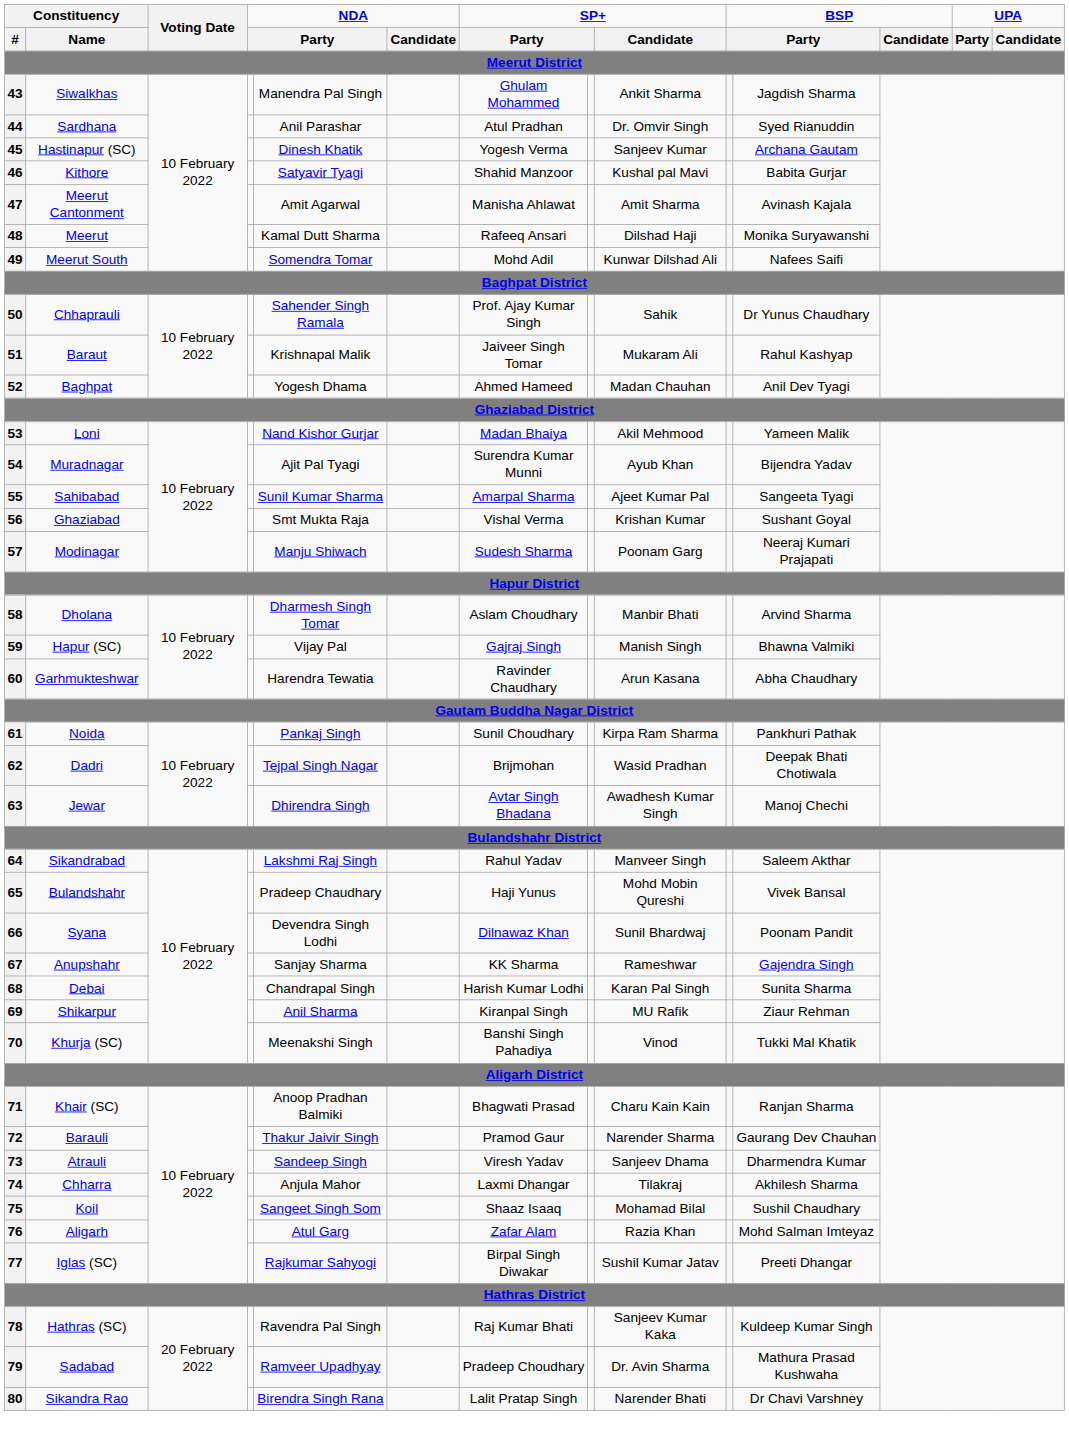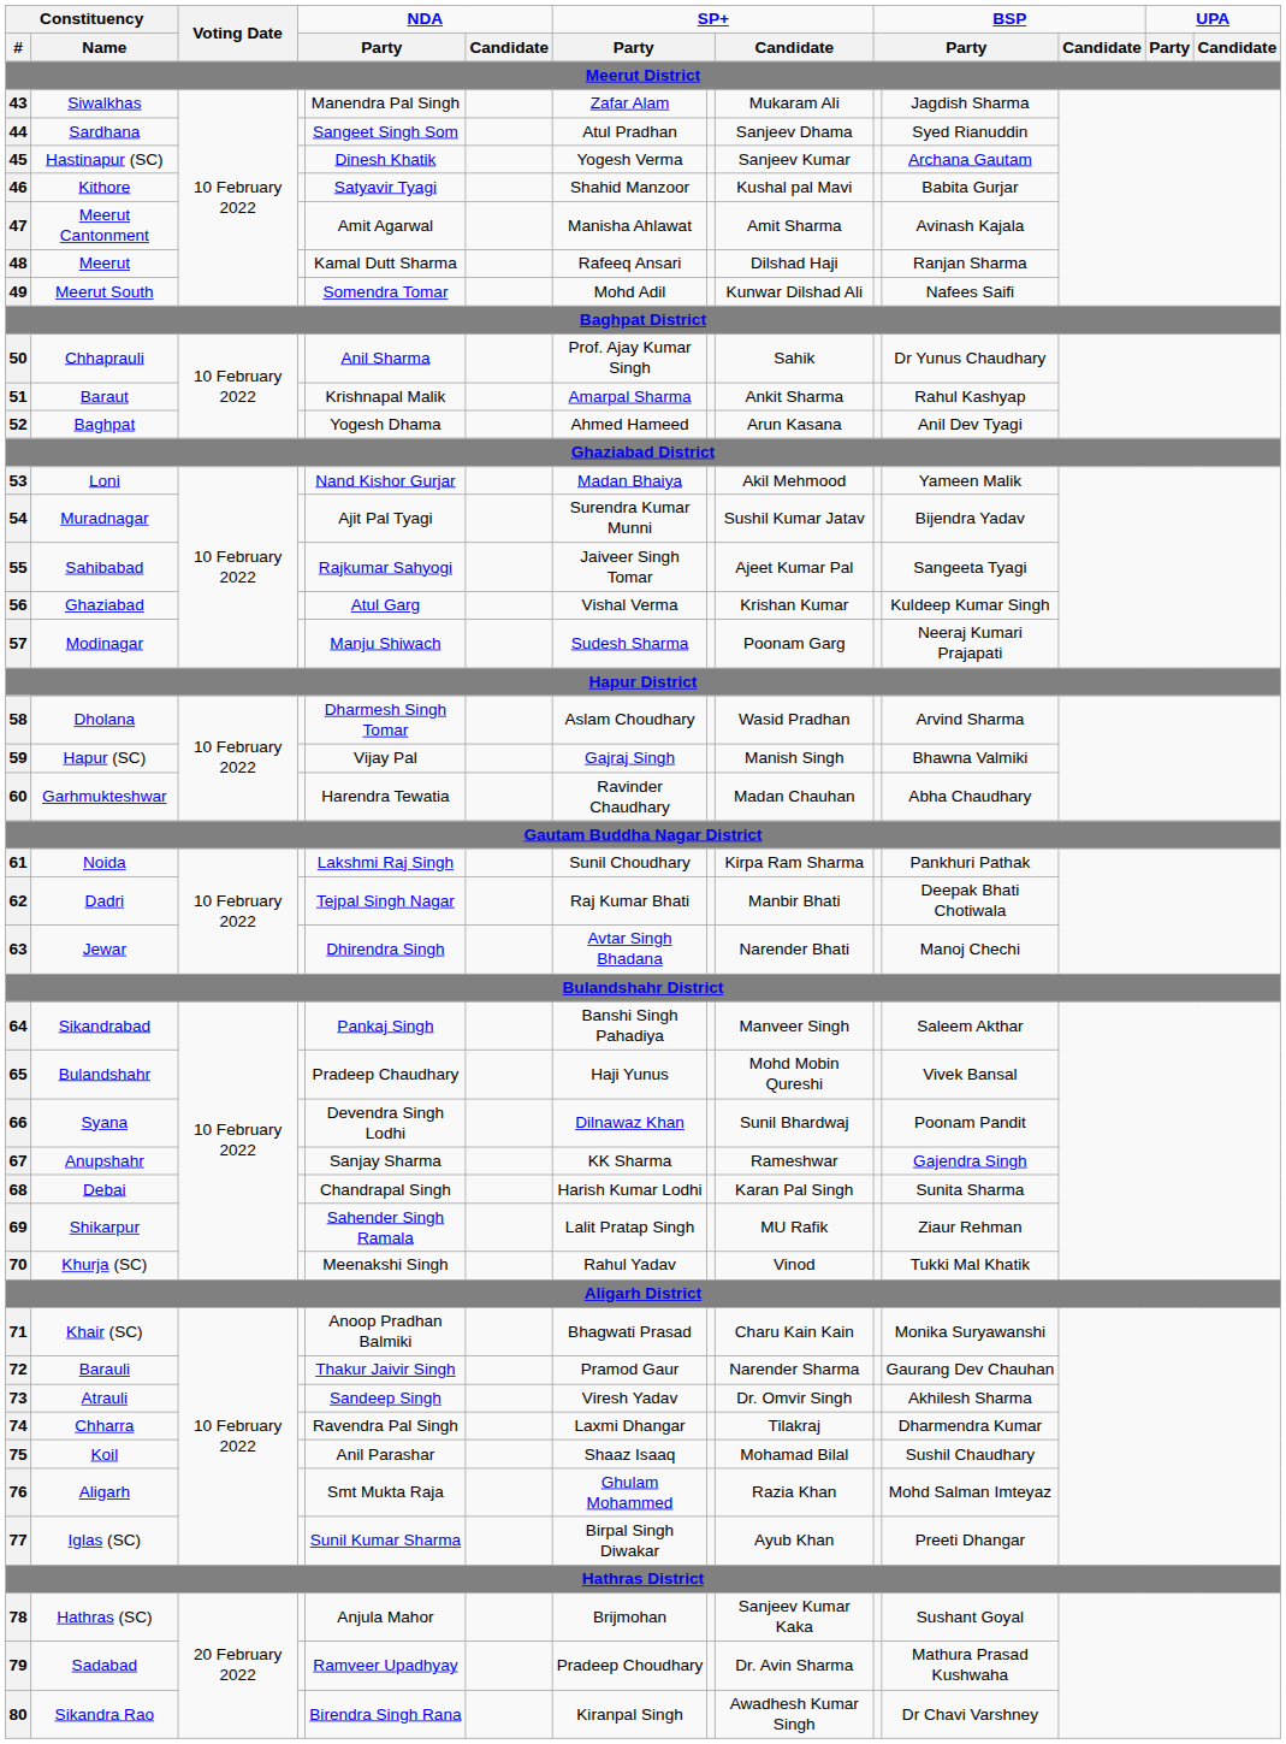 <table class="wikitable sortable mw-collapsible" style="line-height:20px;text-align:center;">
 <tr>
 <th colspan="2">Constituency</th>
 <th rowspan="2">Voting Date</th>
 <td colspan="3"><a href='#'><span><strong>NDA</strong></span></a></td>
 <td colspan="3"><a href='#'><span><strong>SP+</strong></span></a></td>
 <td colspan="3"><a href='#'><span><strong>BSP</strong></span></a></td>
 <td colspan="3"><a href='#'><span><strong>UPA</strong></span></a></td>
 </tr>
 <tr>
 <th>#</th>
 <th>Name</th>
 <th colspan="2">Party</th>
 <th>Candidate</th>
 <th colspan="2">Party</th>
 <th>Candidate</th>
 <th colspan="2">Party</th>
 <th>Candidate</th>
 <th colspan="2">Party</th>
 <th>Candidate</th>
 </tr>
 <tr>
 <td colspan="15" align="center" bgcolor="grey"><a href='#'><span><strong>Meerut District</strong></span></a></td>
 </tr>
 <tr>
 <th>43</th>
 <td><a href='#'>Siwalkhas</a></td>
 <td rowspan="7">10 February 2022</td>
 <td></td>
 <td>Manendra Pal Singh</td>
 <td></td>
-<td><a href='#'>Ghulam Mohammed</a></td>
+<td><a href='#'>Zafar Alam</a></td>
 <td></td>
-<td>Ankit Sharma</td>
+<td>Mukaram Ali</td>
 <td></td>
 <td>Jagdish Sharma</td>
 </tr>
 <tr>
 <th>44</th>
 <td><a href='#'>Sardhana</a></td>
 <td></td>
-<td>Anil Parashar</td>
+<td><a href='#'>Sangeet Singh Som</a></td>
 <td></td>
 <td>Atul Pradhan</td>
 <td></td>
-<td>Dr. Omvir Singh</td>
+<td>Sanjeev Dhama</td>
 <td></td>
 <td>Syed Rianuddin</td>
 </tr>
 <tr>
 <th>45</th>
 <td><a href='#'>Hastinapur</a> (SC)</td>
 <td></td>
 <td><a href='#'>Dinesh Khatik</a></td>
 <td></td>
 <td>Yogesh Verma</td>
 <td></td>
 <td>Sanjeev Kumar</td>
 <td></td>
 <td><a href='#'>Archana Gautam</a></td>
 </tr>
 <tr>
 <th>46</th>
 <td><a href='#'>Kithore</a></td>
 <td></td>
 <td><a href='#'>Satyavir Tyagi</a></td>
 <td></td>
 <td>Shahid Manzoor</td>
 <td></td>
 <td>Kushal pal Mavi</td>
 <td></td>
 <td>Babita Gurjar</td>
 </tr>
 <tr>
 <th>47</th>
 <td><a href='#'>Meerut Cantonment</a></td>
 <td></td>
 <td>Amit Agarwal</td>
 <td></td>
 <td>Manisha Ahlawat</td>
 <td></td>
 <td>Amit Sharma</td>
 <td></td>
 <td>Avinash Kajala</td>
 </tr>
 <tr>
 <th>48</th>
 <td><a href='#'>Meerut</a></td>
 <td></td>
 <td>Kamal Dutt Sharma</td>
 <td></td>
 <td>Rafeeq Ansari</td>
 <td></td>
 <td>Dilshad Haji</td>
 <td></td>
-<td>Monika Suryawanshi</td>
+<td>Ranjan Sharma</td>
 </tr>
 <tr>
 <th>49</th>
 <td><a href='#'>Meerut South</a></td>
 <td></td>
 <td><a href='#'>Somendra Tomar</a></td>
 <td></td>
 <td>Mohd Adil</td>
 <td></td>
 <td>Kunwar Dilshad Ali</td>
 <td></td>
 <td>Nafees Saifi</td>
 </tr>
 <tr>
 <td colspan="15" align="center" bgcolor="grey"><a href='#'><span><strong>Baghpat District</strong></span></a></td>
 </tr>
 <tr>
 <th>50</th>
 <td><a href='#'>Chhaprauli</a></td>
 <td rowspan="3">10 February 2022</td>
 <td></td>
-<td><a href='#'>Sahender Singh Ramala</a></td>
+<td><a href='#'>Anil Sharma</a></td>
 <td></td>
 <td>Prof. Ajay Kumar Singh</td>
 <td></td>
 <td>Sahik</td>
 <td></td>
 <td>Dr Yunus Chaudhary</td>
 </tr>
 <tr>
 <th>51</th>
 <td><a href='#'>Baraut</a></td>
 <td></td>
 <td>Krishnapal Malik</td>
 <td></td>
-<td>Jaiveer Singh Tomar</td>
+<td><a href='#'>Amarpal Sharma</a></td>
 <td></td>
-<td>Mukaram Ali</td>
+<td>Ankit Sharma</td>
 <td></td>
 <td>Rahul Kashyap</td>
 </tr>
 <tr>
 <th>52</th>
 <td><a href='#'>Baghpat</a></td>
 <td></td>
 <td>Yogesh Dhama</td>
 <td></td>
 <td>Ahmed Hameed</td>
 <td></td>
-<td>Madan Chauhan</td>
+<td>Arun Kasana</td>
 <td></td>
 <td>Anil Dev Tyagi</td>
 </tr>
 <tr>
 <td colspan="15" align="center" bgcolor="grey"><a href='#'><span><strong>Ghaziabad District</strong></span></a></td>
 </tr>
 <tr>
 <th>53</th>
 <td><a href='#'>Loni</a></td>
 <td rowspan="5">10 February 2022</td>
 <td></td>
 <td><a href='#'>Nand Kishor Gurjar</a></td>
 <td></td>
 <td><a href='#'>Madan Bhaiya</a></td>
 <td></td>
 <td>Akil Mehmood</td>
 <td></td>
 <td>Yameen Malik</td>
 </tr>
 <tr>
 <th>54</th>
 <td><a href='#'>Muradnagar</a></td>
 <td></td>
 <td>Ajit Pal Tyagi</td>
 <td></td>
 <td>Surendra Kumar Munni</td>
 <td></td>
-<td>Ayub Khan</td>
+<td>Sushil Kumar Jatav</td>
 <td></td>
 <td>Bijendra Yadav</td>
 </tr>
 <tr>
 <th>55</th>
 <td><a href='#'>Sahibabad</a></td>
 <td></td>
-<td><a href='#'>Sunil Kumar Sharma</a></td>
+<td><a href='#'>Rajkumar Sahyogi</a></td>
 <td></td>
-<td><a href='#'>Amarpal Sharma</a></td>
+<td>Jaiveer Singh Tomar</td>
 <td></td>
 <td>Ajeet Kumar Pal</td>
 <td></td>
 <td>Sangeeta Tyagi</td>
 </tr>
 <tr>
 <th>56</th>
 <td><a href='#'>Ghaziabad</a></td>
 <td></td>
-<td>Smt Mukta Raja</td>
+<td><a href='#'>Atul Garg</a></td>
 <td></td>
 <td>Vishal Verma</td>
 <td></td>
 <td>Krishan Kumar</td>
 <td></td>
-<td>Sushant Goyal</td>
+<td>Kuldeep Kumar Singh</td>
 </tr>
 <tr>
 <th>57</th>
 <td><a href='#'>Modinagar</a></td>
 <td></td>
 <td><a href='#'>Manju Shiwach</a></td>
 <td></td>
 <td><a href='#'>Sudesh Sharma</a></td>
 <td></td>
 <td>Poonam Garg</td>
 <td></td>
 <td>Neeraj Kumari Prajapati</td>
 </tr>
 <tr>
 <td colspan="15" align="center" bgcolor="grey"><a href='#'><span><strong>Hapur District</strong></span></a></td>
 </tr>
 <tr>
 <th>58</th>
 <td><a href='#'>Dholana</a></td>
 <td rowspan="3">10 February 2022</td>
 <td></td>
 <td><a href='#'>Dharmesh Singh Tomar</a></td>
 <td></td>
 <td>Aslam Choudhary</td>
 <td></td>
-<td>Manbir Bhati</td>
+<td>Wasid Pradhan</td>
 <td></td>
 <td>Arvind Sharma</td>
 </tr>
 <tr>
 <th>59</th>
 <td><a href='#'>Hapur</a> (SC)</td>
 <td></td>
 <td>Vijay Pal</td>
 <td></td>
 <td><a href='#'>Gajraj Singh</a></td>
 <td></td>
 <td>Manish Singh</td>
 <td></td>
 <td>Bhawna Valmiki</td>
 </tr>
 <tr>
 <th>60</th>
 <td><a href='#'>Garhmukteshwar</a></td>
 <td></td>
 <td>Harendra Tewatia</td>
 <td></td>
 <td>Ravinder Chaudhary</td>
 <td></td>
-<td>Arun Kasana</td>
+<td>Madan Chauhan</td>
 <td></td>
 <td>Abha Chaudhary</td>
 </tr>
 <tr>
 <td colspan="15" align="center" bgcolor="grey"><a href='#'><span><strong>Gautam Buddha Nagar District</strong></span></a></td>
 </tr>
 <tr>
 <th>61</th>
 <td><a href='#'>Noida</a></td>
 <td rowspan="3">10 February 2022</td>
 <td></td>
-<td><a href='#'>Pankaj Singh</a></td>
+<td><a href='#'>Lakshmi Raj Singh</a></td>
 <td></td>
 <td>Sunil Choudhary</td>
 <td></td>
 <td>Kirpa Ram Sharma</td>
 <td></td>
 <td>Pankhuri Pathak</td>
 </tr>
 <tr>
 <th>62</th>
 <td><a href='#'>Dadri</a></td>
 <td></td>
 <td><a href='#'>Tejpal Singh Nagar</a></td>
 <td></td>
-<td>Brijmohan</td>
+<td>Raj Kumar Bhati</td>
 <td></td>
-<td>Wasid Pradhan</td>
+<td>Manbir Bhati</td>
 <td></td>
 <td>Deepak Bhati Chotiwala</td>
 </tr>
 <tr>
 <th>63</th>
 <td><a href='#'>Jewar</a></td>
 <td></td>
 <td><a href='#'>Dhirendra Singh</a></td>
 <td></td>
 <td><a href='#'>Avtar Singh Bhadana</a></td>
 <td></td>
-<td>Awadhesh Kumar Singh</td>
+<td>Narender Bhati</td>
 <td></td>
 <td>Manoj Chechi</td>
 </tr>
 <tr>
 <td colspan="15" align="center" bgcolor="grey"><a href='#'><span><strong>Bulandshahr District</strong></span></a></td>
 </tr>
 <tr>
 <th>64</th>
 <td><a href='#'>Sikandrabad</a></td>
 <td rowspan="7">10 February 2022</td>
 <td></td>
-<td><a href='#'>Lakshmi Raj Singh</a></td>
+<td><a href='#'>Pankaj Singh</a></td>
 <td></td>
-<td>Rahul Yadav</td>
+<td>Banshi Singh Pahadiya</td>
 <td></td>
 <td>Manveer Singh</td>
 <td></td>
 <td>Saleem Akthar</td>
 </tr>
 <tr>
 <th>65</th>
 <td><a href='#'>Bulandshahr</a></td>
 <td></td>
 <td>Pradeep Chaudhary</td>
 <td></td>
 <td>Haji Yunus</td>
 <td></td>
 <td>Mohd Mobin Qureshi</td>
 <td></td>
 <td>Vivek Bansal</td>
 </tr>
 <tr>
 <th>66</th>
 <td><a href='#'>Syana</a></td>
 <td></td>
 <td>Devendra Singh Lodhi</td>
 <td></td>
 <td><a href='#'>Dilnawaz Khan</a></td>
 <td></td>
 <td>Sunil Bhardwaj</td>
 <td></td>
 <td>Poonam Pandit</td>
 </tr>
 <tr>
 <th>67</th>
 <td><a href='#'>Anupshahr</a></td>
 <td></td>
 <td>Sanjay Sharma</td>
 <td></td>
 <td>KK Sharma</td>
 <td></td>
 <td>Rameshwar</td>
 <td></td>
 <td><a href='#'>Gajendra Singh</a></td>
 </tr>
 <tr>
 <th>68</th>
 <td><a href='#'>Debai</a></td>
 <td></td>
 <td>Chandrapal Singh</td>
 <td></td>
 <td>Harish Kumar Lodhi</td>
 <td></td>
 <td>Karan Pal Singh</td>
 <td></td>
 <td>Sunita Sharma</td>
 </tr>
 <tr>
 <th>69</th>
 <td><a href='#'>Shikarpur</a></td>
 <td></td>
-<td><a href='#'>Anil Sharma</a></td>
+<td><a href='#'>Sahender Singh Ramala</a></td>
 <td></td>
-<td>Kiranpal Singh</td>
+<td>Lalit Pratap Singh</td>
 <td></td>
 <td>MU Rafik</td>
 <td></td>
 <td>Ziaur Rehman</td>
 </tr>
 <tr>
 <th>70</th>
 <td><a href='#'>Khurja</a> (SC)</td>
 <td></td>
 <td>Meenakshi Singh</td>
 <td></td>
-<td>Banshi Singh Pahadiya</td>
+<td>Rahul Yadav</td>
 <td></td>
 <td>Vinod</td>
 <td></td>
 <td>Tukki Mal Khatik</td>
 </tr>
 <tr>
 <td colspan="15" align="center" bgcolor="grey"><a href='#'><span><strong>Aligarh District</strong></span></a></td>
 </tr>
 <tr>
 <th>71</th>
 <td><a href='#'>Khair</a> (SC)</td>
 <td rowspan="7">10 February 2022</td>
 <td></td>
 <td>Anoop Pradhan Balmiki</td>
 <td></td>
 <td>Bhagwati Prasad</td>
 <td></td>
 <td>Charu Kain Kain</td>
 <td></td>
-<td>Ranjan Sharma</td>
+<td>Monika Suryawanshi</td>
 </tr>
 <tr>
 <th>72</th>
 <td><a href='#'>Barauli</a></td>
 <td></td>
 <td><a href='#'>Thakur Jaivir Singh</a></td>
 <td></td>
 <td>Pramod Gaur</td>
 <td></td>
 <td>Narender Sharma</td>
 <td></td>
 <td>Gaurang Dev Chauhan</td>
 </tr>
 <tr>
 <th>73</th>
 <td><a href='#'>Atrauli</a></td>
 <td></td>
 <td><a href='#'>Sandeep Singh</a></td>
 <td></td>
 <td>Viresh Yadav</td>
 <td></td>
-<td>Sanjeev Dhama</td>
+<td>Dr. Omvir Singh</td>
 <td></td>
-<td>Dharmendra Kumar</td>
+<td>Akhilesh Sharma</td>
 </tr>
 <tr>
 <th>74</th>
 <td><a href='#'>Chharra</a></td>
 <td></td>
-<td>Anjula Mahor</td>
+<td>Ravendra Pal Singh</td>
 <td></td>
 <td>Laxmi  Dhangar</td>
 <td></td>
 <td>Tilakraj</td>
 <td></td>
-<td>Akhilesh Sharma</td>
+<td>Dharmendra Kumar</td>
 </tr>
 <tr>
 <th>75</th>
 <td><a href='#'>Koil</a></td>
 <td></td>
-<td><a href='#'>Sangeet Singh Som</a></td>
+<td>Anil Parashar</td>
 <td></td>
 <td>Shaaz Isaaq</td>
 <td></td>
 <td>Mohamad Bilal</td>
 <td></td>
 <td>Sushil Chaudhary</td>
 </tr>
 <tr>
 <th>76</th>
 <td><a href='#'>Aligarh</a></td>
 <td></td>
-<td><a href='#'>Atul Garg</a></td>
+<td>Smt Mukta Raja</td>
 <td></td>
-<td><a href='#'>Zafar Alam</a></td>
+<td><a href='#'>Ghulam Mohammed</a></td>
 <td></td>
 <td>Razia Khan</td>
 <td></td>
 <td>Mohd Salman Imteyaz</td>
 </tr>
 <tr>
 <th>77</th>
 <td><a href='#'>Iglas</a> (SC)</td>
 <td></td>
-<td><a href='#'>Rajkumar Sahyogi</a></td>
+<td><a href='#'>Sunil Kumar Sharma</a></td>
 <td></td>
 <td>Birpal Singh Diwakar</td>
 <td></td>
-<td>Sushil Kumar Jatav</td>
+<td>Ayub Khan</td>
 <td></td>
 <td>Preeti Dhangar</td>
 </tr>
 <tr>
 <td colspan="15" align="center" bgcolor="grey"><a href='#'><span><strong>Hathras District</strong></span></a></td>
 </tr>
 <tr>
 <th>78</th>
 <td><a href='#'>Hathras</a> (SC)</td>
 <td rowspan="3">20 February 2022</td>
 <td></td>
-<td>Ravendra Pal Singh</td>
+<td>Anjula Mahor</td>
 <td></td>
-<td>Raj Kumar Bhati</td>
+<td>Brijmohan</td>
 <td></td>
 <td>Sanjeev Kumar Kaka</td>
 <td></td>
-<td>Kuldeep Kumar Singh</td>
+<td>Sushant Goyal</td>
 </tr>
 <tr>
 <th>79</th>
 <td><a href='#'>Sadabad</a></td>
 <td></td>
 <td><a href='#'>Ramveer Upadhyay</a></td>
 <td></td>
 <td>Pradeep Choudhary</td>
 <td></td>
 <td>Dr. Avin Sharma</td>
 <td></td>
 <td>Mathura Prasad Kushwaha</td>
 </tr>
 <tr>
 <th>80</th>
 <td><a href='#'>Sikandra Rao</a></td>
 <td></td>
 <td><a href='#'>Birendra Singh Rana</a></td>
 <td></td>
-<td>Lalit Pratap Singh</td>
+<td>Kiranpal Singh</td>
 <td></td>
-<td>Narender Bhati</td>
+<td>Awadhesh Kumar Singh</td>
 <td></td>
 <td>Dr Chavi Varshney</td>
 </tr>
 </table>
